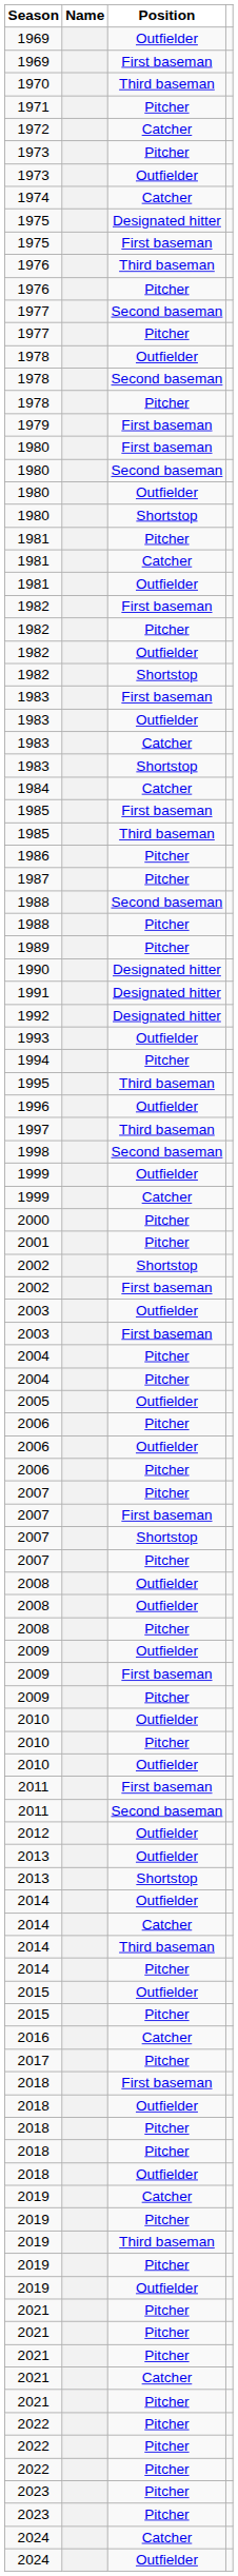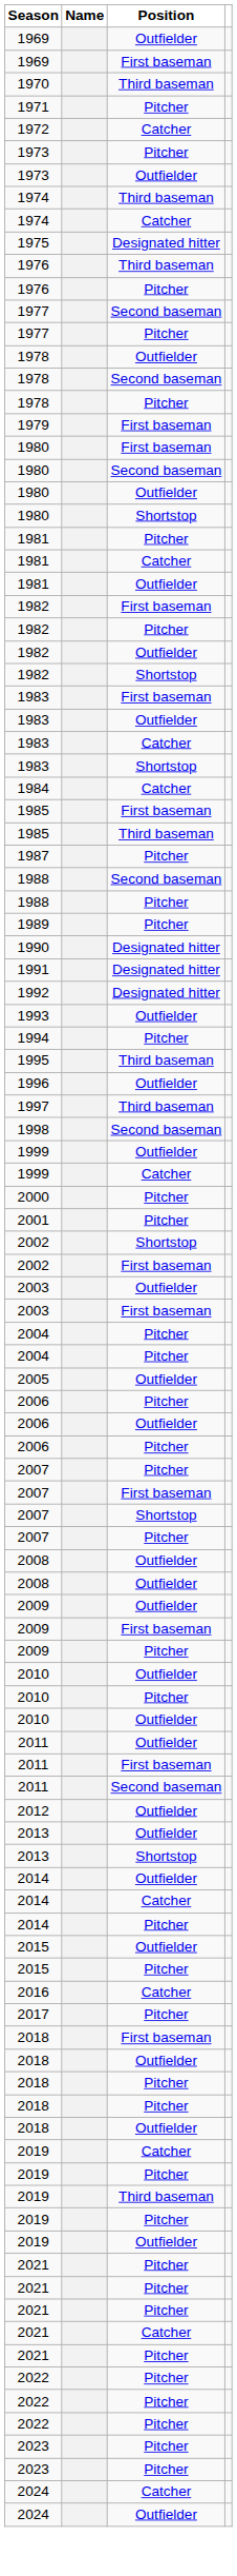 <table class="wikitable sortable plainrowheaders" style="text-align:center">
 <tr>
 <th scope="col" style="background-color:#ffffff; border-top:#">Season</th>
 <th scope="col" style="background-color:#ffffff; border-top:#">Name</th>
 <th scope="col" style="background-color:#ffffff; border-top:#">Position</th>
 <th scope="col" class="unsortable" style="background-color:#ffffff; border-top:#"></th>
 </tr>
 <tr>
 <td>1969</td>
 <th scope="row" style="text-align:center"></th>
 <td><a href='#'>Outfielder</a></td>
 <td></td>
 </tr>
 <tr>
 <td>1969</td>
 <th scope="row" style="text-align:center"></th>
 <td><a href='#'>First baseman</a></td>
 <td></td>
 </tr>
 <tr>
 <td>1970</td>
 <th scope="row" style="text-align:center"></th>
 <td><a href='#'>Third baseman</a></td>
 <td></td>
 </tr>
 <tr>
 <td>1971</td>
 <th scope="row" style="text-align:center"></th>
 <td><a href='#'>Pitcher</a></td>
 <td></td>
 </tr>
 <tr>
 <td>1972</td>
 <th scope="row" style="text-align:center"></th>
 <td><a href='#'>Catcher</a></td>
 <td></td>
 </tr>
 <tr>
 <td>1973</td>
 <th scope="row" style="text-align:center"></th>
 <td><a href='#'>Pitcher</a></td>
 <td></td>
 </tr>
 <tr>
 <td>1973</td>
 <th scope="row" style="text-align:center"></th>
 <td><a href='#'>Outfielder</a></td>
 <td></td>
 </tr>
 <tr>
 <td>1974</td>
+<th scope="row" style="text-align:center"> </th>
+<td><a href='#'>Third baseman</a></td>
+<td></td>
+</tr>
+<tr>
+<td>1974</td>
 <th scope="row" style="text-align:center"></th>
 <td><a href='#'>Catcher</a></td>
 <td></td>
 </tr>
 <tr>
 <td>1975</td>
 <th scope="row" style="text-align:center"></th>
 <td><a href='#'>Designated hitter</a></td>
-<td></td>
-</tr>
-<tr>
-<td>1975</td>
-<th scope="row" style="text-align:center"></th>
-<td><a href='#'>First baseman</a></td>
 <td></td>
 </tr>
 <tr>
 <td>1976</td>
 <th scope="row" style="text-align:center"> </th>
 <td><a href='#'>Third baseman</a></td>
 <td></td>
 </tr>
 <tr>
 <td>1976</td>
 <th scope="row" style="text-align:center"></th>
 <td><a href='#'>Pitcher</a></td>
 <td></td>
 </tr>
 <tr>
 <td>1977</td>
 <th scope="row" style="text-align:center"> </th>
 <td><a href='#'>Second baseman</a></td>
 <td></td>
 </tr>
 <tr>
 <td>1977</td>
 <th scope="row" style="text-align:center"></th>
 <td><a href='#'>Pitcher</a></td>
 <td></td>
 </tr>
 <tr>
 <td>1978</td>
 <th scope="row" style="text-align:center"></th>
 <td><a href='#'>Outfielder</a></td>
 <td></td>
 </tr>
 <tr>
 <td>1978</td>
 <th scope="row" style="text-align:center"> </th>
 <td><a href='#'>Second baseman</a></td>
 <td></td>
 </tr>
 <tr>
 <td>1978</td>
 <th scope="row" style="text-align:center"></th>
 <td><a href='#'>Pitcher</a></td>
 <td></td>
 </tr>
 <tr>
 <td>1979</td>
 <th scope="row" style="text-align:center"> </th>
 <td><a href='#'>First baseman</a></td>
 <td></td>
 </tr>
 <tr>
 <td>1980</td>
 <th scope="row" style="text-align:center"> </th>
 <td><a href='#'>First baseman</a></td>
 <td></td>
 </tr>
 <tr>
 <td>1980</td>
 <th scope="row" style="text-align:center"> </th>
 <td><a href='#'>Second baseman</a></td>
 <td></td>
 </tr>
 <tr>
 <td>1980</td>
 <th scope="row" style="text-align:center"> </th>
 <td><a href='#'>Outfielder</a></td>
 <td></td>
 </tr>
 <tr>
 <td>1980</td>
 <th scope="row" style="text-align:center"> </th>
 <td><a href='#'>Shortstop</a></td>
 <td></td>
 </tr>
 <tr>
 <td>1981</td>
 <th scope="row" style="text-align:center"> </th>
 <td><a href='#'>Pitcher</a></td>
 <td></td>
 </tr>
 <tr>
 <td>1981</td>
 <th scope="row" style="text-align:center"> </th>
 <td><a href='#'>Catcher</a></td>
 <td></td>
 </tr>
 <tr>
 <td>1981</td>
 <th scope="row" style="text-align:center"></th>
 <td><a href='#'>Outfielder</a></td>
 <td></td>
 </tr>
 <tr>
 <td>1982</td>
 <th scope="row" style="text-align:center"> </th>
 <td><a href='#'>First baseman</a></td>
 <td></td>
 </tr>
 <tr>
 <td>1982</td>
 <th scope="row" style="text-align:center"> </th>
 <td><a href='#'>Pitcher</a></td>
 <td></td>
 </tr>
 <tr>
 <td>1982</td>
 <th scope="row" style="text-align:center"> </th>
 <td><a href='#'>Outfielder</a></td>
 <td></td>
 </tr>
 <tr>
 <td>1982</td>
 <th scope="row" style="text-align:center"> </th>
 <td><a href='#'>Shortstop</a></td>
 <td></td>
 </tr>
 <tr>
 <td>1983</td>
 <th scope="row" style="text-align:center"> </th>
 <td><a href='#'>First baseman</a></td>
 <td></td>
 </tr>
 <tr>
 <td>1983</td>
 <th scope="row" style="text-align:center"> </th>
 <td><a href='#'>Outfielder</a></td>
 <td></td>
 </tr>
 <tr>
 <td>1983</td>
 <th scope="row" style="text-align:center"> </th>
 <td><a href='#'>Catcher</a></td>
 <td></td>
 </tr>
 <tr>
 <td>1983</td>
 <th scope="row" style="text-align:center"> </th>
 <td><a href='#'>Shortstop</a></td>
 <td></td>
 </tr>
 <tr>
 <td>1984</td>
 <th scope="row" style="text-align:center"></th>
 <td><a href='#'>Catcher</a></td>
 <td></td>
 </tr>
 <tr>
 <td>1985</td>
 <th scope="row" style="text-align:center"> </th>
 <td><a href='#'>First baseman</a></td>
 <td></td>
 </tr>
 <tr>
 <td>1985</td>
 <th scope="row" style="text-align:center"> </th>
 <td><a href='#'>Third baseman</a></td>
-<td></td>
-</tr>
-<tr>
-<td>1986</td>
-<th scope="row" style="text-align:center"></th>
-<td><a href='#'>Pitcher</a></td>
 <td></td>
 </tr>
 <tr>
 <td>1987</td>
 <th scope="row" style="text-align:center"> </th>
 <td><a href='#'>Pitcher</a></td>
 <td></td>
 </tr>
 <tr>
 <td>1988</td>
 <th scope="row" style="text-align:center"> </th>
 <td><a href='#'>Second baseman</a></td>
 <td></td>
 </tr>
 <tr>
 <td>1988</td>
 <th scope="row" style="text-align:center"> </th>
 <td><a href='#'>Pitcher</a></td>
 <td></td>
 </tr>
 <tr>
 <td>1989</td>
 <th scope="row" style="text-align:center"> </th>
 <td><a href='#'>Pitcher</a></td>
 <td></td>
 </tr>
 <tr>
 <td>1990</td>
 <th scope="row" style="text-align:center"></th>
 <td><a href='#'>Designated hitter</a></td>
 <td></td>
 </tr>
 <tr>
 <td>1991</td>
 <th scope="row" style="text-align:center"> </th>
 <td><a href='#'>Designated hitter</a></td>
 <td></td>
 </tr>
 <tr>
 <td>1992</td>
 <th scope="row" style="text-align:center"> </th>
 <td><a href='#'>Designated hitter</a></td>
 <td></td>
 </tr>
 <tr>
 <td>1993</td>
 <th scope="row" style="text-align:center"> </th>
 <td><a href='#'>Outfielder</a></td>
 <td></td>
 </tr>
 <tr>
 <td>1994</td>
 <th scope="row" style="text-align:center"></th>
 <td><a href='#'>Pitcher</a></td>
 <td></td>
 </tr>
 <tr>
 <td>1995</td>
 <th scope="row" style="text-align:center"></th>
 <td><a href='#'>Third baseman</a></td>
 <td></td>
 </tr>
 <tr>
 <td>1996</td>
 <th scope="row" style="text-align:center"> </th>
 <td><a href='#'>Outfielder</a></td>
 <td></td>
 </tr>
 <tr>
 <td>1997</td>
 <th scope="row" style="text-align:center"></th>
 <td><a href='#'>Third baseman</a></td>
 <td></td>
 </tr>
 <tr>
 <td>1998</td>
 <th scope="row" style="text-align:center"></th>
 <td><a href='#'>Second baseman</a></td>
 <td></td>
 </tr>
 <tr>
 <td>1999</td>
 <th scope="row" style="text-align:center"></th>
 <td><a href='#'>Outfielder</a></td>
 <td></td>
 </tr>
 <tr>
 <td>1999</td>
 <th scope="row" style="text-align:center"></th>
 <td><a href='#'>Catcher</a></td>
 <td></td>
 </tr>
 <tr>
 <td>2000</td>
 <th scope="row" style="text-align:center"></th>
 <td><a href='#'>Pitcher</a></td>
 <td></td>
 </tr>
 <tr>
 <td>2001</td>
 <th scope="row" style="text-align:center"> </th>
 <td><a href='#'>Pitcher</a></td>
 <td></td>
 </tr>
 <tr>
 <td>2002</td>
 <th scope="row" style="text-align:center"></th>
 <td><a href='#'>Shortstop</a></td>
 <td></td>
 </tr>
 <tr>
 <td>2002</td>
 <th scope="row" style="text-align:center"> </th>
 <td><a href='#'>First baseman</a></td>
 <td></td>
 </tr>
 <tr>
 <td>2003</td>
 <th scope="row" style="text-align:center"></th>
 <td><a href='#'>Outfielder</a></td>
 <td></td>
 </tr>
 <tr>
 <td>2003</td>
 <th scope="row" style="text-align:center"> </th>
 <td><a href='#'>First baseman</a></td>
 <td></td>
 </tr>
 <tr>
 <td>2004</td>
 <th scope="row" style="text-align:center"></th>
 <td><a href='#'>Pitcher</a></td>
 <td></td>
 </tr>
 <tr>
 <td>2004</td>
 <th scope="row" style="text-align:center"> </th>
 <td><a href='#'>Pitcher</a></td>
 <td></td>
 </tr>
 <tr>
 <td>2005</td>
 <th scope="row" style="text-align:center"> </th>
 <td><a href='#'>Outfielder</a></td>
 <td></td>
 </tr>
 <tr>
 <td>2006</td>
 <th scope="row" style="text-align:center"></th>
 <td><a href='#'>Pitcher</a></td>
 <td></td>
 </tr>
 <tr>
 <td>2006</td>
 <th scope="row" style="text-align:center"> </th>
 <td><a href='#'>Outfielder</a></td>
 <td></td>
 </tr>
 <tr>
 <td>2006</td>
 <th scope="row" style="text-align:center"></th>
 <td><a href='#'>Pitcher</a></td>
 <td></td>
 </tr>
 <tr>
 <td>2007</td>
 <th scope="row" style="text-align:center"></th>
 <td><a href='#'>Pitcher</a></td>
 <td></td>
 </tr>
 <tr>
 <td>2007</td>
 <th scope="row" style="text-align:center"> </th>
 <td><a href='#'>First baseman</a></td>
 <td></td>
 </tr>
 <tr>
 <td>2007</td>
 <th scope="row" style="text-align:center"></th>
 <td><a href='#'>Shortstop</a></td>
 <td></td>
 </tr>
 <tr>
 <td>2007</td>
 <th scope="row" style="text-align:center"> </th>
 <td><a href='#'>Pitcher</a></td>
 <td></td>
 </tr>
 <tr>
 <td>2008</td>
 <th scope="row" style="text-align:center"> </th>
 <td><a href='#'>Outfielder</a></td>
 <td></td>
 </tr>
 <tr>
 <td>2008</td>
 <th scope="row" style="text-align:center"> </th>
 <td><a href='#'>Outfielder</a></td>
 <td></td>
 </tr>
 <tr>
-<td>2008</td>
-<th scope="row" style="text-align:center"> </th>
-<td><a href='#'>Pitcher</a></td>
-<td></td>
-</tr>
-<tr>
 <td>2009</td>
 <th scope="row" style="text-align:center"> </th>
 <td><a href='#'>Outfielder</a></td>
 <td></td>
 </tr>
 <tr>
 <td>2009</td>
 <th scope="row" style="text-align:center"> </th>
 <td><a href='#'>First baseman</a></td>
 <td></td>
 </tr>
 <tr>
 <td>2009</td>
 <th scope="row" style="text-align:center"></th>
 <td><a href='#'>Pitcher</a></td>
 <td></td>
 </tr>
 <tr>
 <td>2010</td>
 <th scope="row" style="text-align:center"> </th>
 <td><a href='#'>Outfielder</a></td>
 <td></td>
 </tr>
 <tr>
 <td>2010</td>
 <th scope="row" style="text-align:center"></th>
 <td><a href='#'>Pitcher</a></td>
 <td></td>
 </tr>
 <tr>
 <td>2010</td>
+<th scope="row" style="text-align:center"> </th>
+<td><a href='#'>Outfielder</a></td>
+<td></td>
+</tr>
+<tr>
+<td>2011</td>
 <th scope="row" style="text-align:center"> </th>
 <td><a href='#'>Outfielder</a></td>
 <td></td>
 </tr>
 <tr>
 <td>2011</td>
 <th scope="row" style="text-align:center"> </th>
 <td><a href='#'>First baseman</a></td>
 <td></td>
 </tr>
 <tr>
 <td>2011</td>
 <th scope="row" style="text-align:center"></th>
 <td><a href='#'>Second baseman</a></td>
 <td></td>
 </tr>
 <tr>
 <td>2012</td>
 <th scope="row" style="text-align:center"> </th>
 <td><a href='#'>Outfielder</a></td>
 <td></td>
 </tr>
 <tr>
 <td>2013</td>
 <th scope="row" style="text-align:center"> </th>
 <td><a href='#'>Outfielder</a></td>
 <td></td>
 </tr>
 <tr>
 <td>2013</td>
 <th scope="row" style="text-align:center"></th>
 <td><a href='#'>Shortstop</a></td>
 <td></td>
 </tr>
 <tr>
 <td>2014</td>
 <th scope="row" style="text-align:center"> </th>
 <td><a href='#'>Outfielder</a></td>
 <td></td>
 </tr>
 <tr>
 <td>2014</td>
 <th scope="row" style="text-align:center"> </th>
 <td><a href='#'>Catcher</a></td>
-<td></td>
-</tr>
-<tr>
-<td>2014</td>
-<th scope="row" style="text-align:center"></th>
-<td><a href='#'>Third baseman</a></td>
 <td></td>
 </tr>
 <tr>
 <td>2014</td>
 <th scope="row" style="text-align:center"> </th>
 <td><a href='#'>Pitcher</a></td>
 <td></td>
 </tr>
 <tr>
 <td>2015</td>
 <th scope="row" style="text-align:center"> </th>
 <td><a href='#'>Outfielder</a></td>
 <td></td>
 </tr>
 <tr>
 <td>2015</td>
 <th scope="row" style="text-align:center"> </th>
 <td><a href='#'>Pitcher</a></td>
 <td></td>
 </tr>
 <tr>
 <td>2016</td>
 <th scope="row" style="text-align:center"> </th>
 <td><a href='#'>Catcher</a></td>
 <td></td>
 </tr>
 <tr>
 <td>2017</td>
 <th scope="row" style="text-align:center"></th>
 <td><a href='#'>Pitcher</a></td>
 <td></td>
 </tr>
 <tr>
 <td>2018</td>
 <th scope="row" style="text-align:center"></th>
 <td><a href='#'>First baseman</a></td>
 <td></td>
 </tr>
 <tr>
 <td>2018</td>
 <th scope="row" style="text-align:center"></th>
 <td><a href='#'>Outfielder</a></td>
 <td></td>
 </tr>
 <tr>
 <td>2018</td>
 <th scope="row" style="text-align:center"> </th>
 <td><a href='#'>Pitcher</a></td>
 <td></td>
 </tr>
 <tr>
 <td>2018</td>
 <th scope="row" style="text-align:center"></th>
 <td><a href='#'>Pitcher</a></td>
 <td></td>
 </tr>
 <tr>
 <td>2018</td>
 <th scope="row" style="text-align:center"> </th>
 <td><a href='#'>Outfielder</a></td>
 <td></td>
 </tr>
 <tr>
 <td>2019</td>
 <th scope="row" style="text-align:center"></th>
 <td><a href='#'>Catcher</a></td>
 <td></td>
 </tr>
 <tr>
 <td>2019</td>
 <th scope="row" style="text-align:center"> </th>
 <td><a href='#'>Pitcher</a></td>
 <td></td>
 </tr>
 <tr>
 <td>2019</td>
 <th scope="row" style="text-align:center"></th>
 <td><a href='#'>Third baseman</a></td>
 <td></td>
 </tr>
 <tr>
 <td>2019</td>
 <th scope="row" style="text-align:center"> </th>
 <td><a href='#'>Pitcher</a></td>
 <td></td>
 </tr>
 <tr>
 <td>2019</td>
 <th scope="row" style="text-align:center"> </th>
 <td><a href='#'>Outfielder</a></td>
 <td></td>
 </tr>
 <tr>
 <td>2021</td>
 <th scope="row" style="text-align:center"> </th>
 <td><a href='#'>Pitcher</a></td>
 <td></td>
 </tr>
 <tr>
 <td>2021</td>
 <th scope="row" style="text-align:center"> </th>
 <td><a href='#'>Pitcher</a></td>
 <td></td>
 </tr>
 <tr>
 <td>2021</td>
 <th scope="row" style="text-align:center"></th>
 <td><a href='#'>Pitcher</a></td>
 <td></td>
 </tr>
 <tr>
 <td>2021</td>
 <th scope="row" style="text-align:center"></th>
 <td><a href='#'>Catcher</a></td>
 <td></td>
 </tr>
 <tr>
 <td>2021</td>
 <th scope="row" style="text-align:center"> </th>
 <td><a href='#'>Pitcher</a></td>
 <td></td>
 </tr>
 <tr>
 <td>2022</td>
 <th scope="row" style="text-align:center"> </th>
 <td><a href='#'>Pitcher</a></td>
 <td></td>
 </tr>
 <tr>
 <td>2022</td>
 <th scope="row" style="text-align:center"> </th>
 <td><a href='#'>Pitcher</a></td>
 <td></td>
 </tr>
 <tr>
 <td>2022</td>
 <th scope="row" style="text-align:center"> </th>
 <td><a href='#'>Pitcher</a></td>
 <td></td>
 </tr>
 <tr>
 <td>2023</td>
 <th scope="row" style="text-align:center"> </th>
 <td><a href='#'>Pitcher</a></td>
 <td></td>
 </tr>
 <tr>
 <td>2023</td>
 <th scope="row" style="text-align:center"> </th>
 <td><a href='#'>Pitcher</a></td>
 <td></td>
 </tr>
 <tr>
 <td>2024</td>
 <th scope="row" style="text-align:center"></th>
 <td><a href='#'>Catcher</a></td>
 <td></td>
 </tr>
 <tr>
 <td>2024</td>
 <th scope="row" style="text-align:center"> </th>
 <td><a href='#'>Outfielder</a></td>
 <td></td>
 </tr>
 </table>
